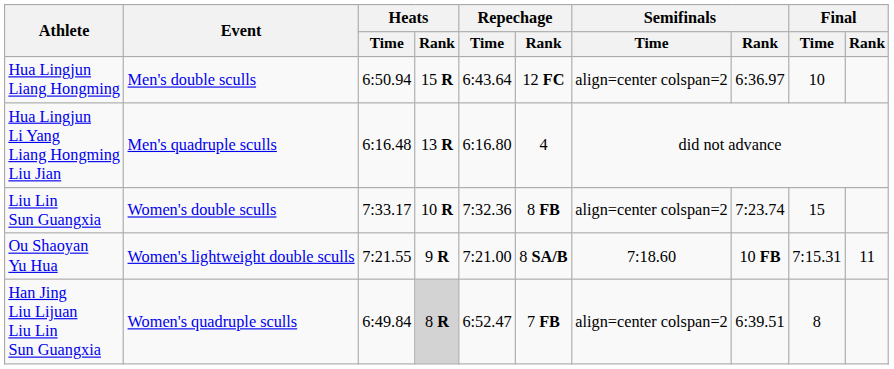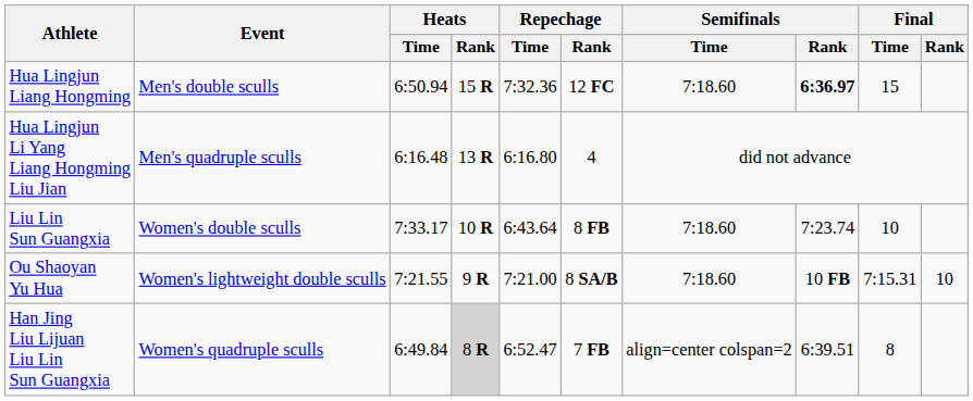 <table class="wikitable" style="font-size:90%;">
 <tr>
 <th rowspan="2">Athlete</th>
 <th rowspan="2">Event</th>
 <th colspan="2">Heats</th>
 <th colspan="2">Repechage</th>
 <th colspan="2">Semifinals</th>
 <th colspan="2">Final</th>
 </tr>
 <tr style="font-size:95%">
 <th>Time</th>
 <th>Rank</th>
 <th>Time</th>
 <th>Rank</th>
 <th>Time</th>
 <th>Rank</th>
 <th>Time</th>
 <th>Rank</th>
 </tr>
 <tr>
 <td align=left><a href='#'>Hua Lingjun</a><br> <a href='#'>Liang Hongming</a></td>
 <td align=left><a href='#'>Men's double sculls</a></td>
 <td align=center>6:50.94</td>
 <td align=center>15 <strong>R</strong></td>
-<td align=center>6:43.64</td>
+<td align=center>7:32.36</td>
 <td align=center>12 <strong>FC</strong></td>
-<td>align=center colspan=2 </td>
-<td align=center>6:36.97</td>
-<td align=center>10</td>
+<td align=center>7:18.60</td>
+<td align=center><strong>6:36.97</strong></td>
+<td align=center>15</td>
 </tr>
 <tr>
 <td align=left><a href='#'>Hua Lingjun</a><br> <a href='#'>Li Yang</a><br> <a href='#'>Liang Hongming</a><br> <a href='#'>Liu Jian</a></td>
 <td align=left><a href='#'>Men's quadruple sculls</a></td>
 <td align=center>6:16.48</td>
 <td align=center>13 <strong>R</strong></td>
 <td align=center>6:16.80</td>
 <td align=center>4</td>
 <td align=center colspan=4>did not advance</td>
 </tr>
 <tr>
 <td align=left><a href='#'>Liu Lin</a><br> <a href='#'>Sun Guangxia</a></td>
 <td align=left><a href='#'>Women's double sculls</a></td>
 <td align=center>7:33.17</td>
 <td align=center>10 <strong>R</strong></td>
-<td align=center>7:32.36</td>
+<td align=center>6:43.64</td>
 <td align=center>8 <strong>FB</strong></td>
-<td>align=center colspan=2 </td>
+<td align=center>7:18.60</td>
 <td align=center>7:23.74</td>
-<td align=center>15</td>
+<td align=center>10</td>
 </tr>
 <tr>
 <td align=left><a href='#'>Ou Shaoyan</a><br> <a href='#'>Yu Hua</a></td>
 <td align=left><a href='#'>Women's lightweight double sculls</a></td>
 <td align=center>7:21.55</td>
 <td align=center>9 <strong>R</strong></td>
 <td align=center>7:21.00</td>
 <td align=center>8 <strong>SA/B</strong></td>
 <td align=center>7:18.60</td>
 <td align=center>10 <strong>FB</strong></td>
 <td align=center>7:15.31</td>
-<td align=center>11</td>
+<td align=center>10</td>
 </tr>
 <tr>
 <td align=left><a href='#'>Han Jing</a><br> <a href='#'>Liu Lijuan</a><br> <a href='#'>Liu Lin</a><br> <a href='#'>Sun Guangxia</a></td>
 <td align=left><a href='#'>Women's quadruple sculls</a></td>
 <td align=center>6:49.84</td>
 <td align=center style="background: lightgrey;">8 <strong>R</strong></td>
 <td align=center>6:52.47</td>
 <td align=center>7 <strong>FB</strong></td>
 <td>align=center colspan=2 </td>
 <td align=center>6:39.51</td>
 <td align=center>8</td>
 </tr>
 </table>
